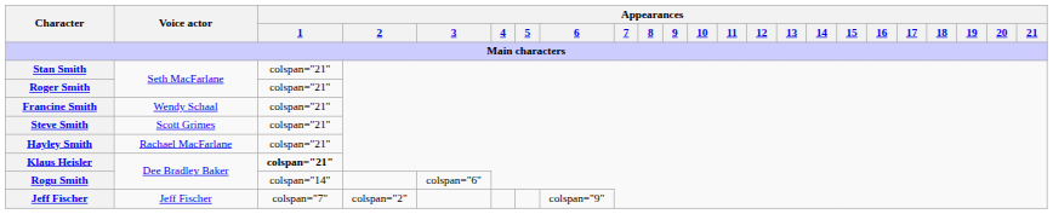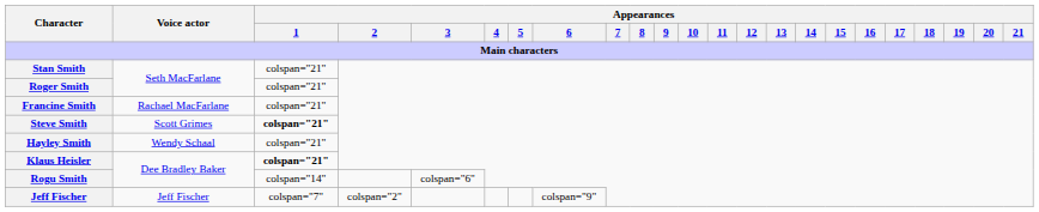 <table class="wikitable sortable" style="text-align:center; font-size:85%; width:100%;">
 <tr>
 <th scope="col" rowspan="2" style="width:4%;">Character</th>
 <th scope="col" rowspan="2" style="width:6%;">Voice actor</th>
 <th scope="col" colspan="21">Appearances</th>
 </tr>
 <tr>
 <th scope="col" style="width:1%;"><a href='#'>1</a></th>
 <th scope="col" style="width:1%;"><a href='#'>2</a></th>
 <th scope="col" style="width:1%;"><a href='#'>3</a></th>
 <th scope="col" style="width:1%;"><a href='#'>4</a></th>
 <th scope="col" style="width:1%;"><a href='#'>5</a></th>
 <th scope="col" style="width:1%;"><a href='#'>6</a></th>
 <th scope="col" style="width:1%;"><a href='#'>7</a></th>
 <th scope="col" style="width:1%;"><a href='#'>8</a></th>
 <th scope="col" style="width:1%;"><a href='#'>9</a></th>
 <th scope="col" style="width:1%;"><a href='#'>10</a></th>
 <th scope="col" style="width:1%;"><a href='#'>11</a></th>
 <th scope="col" style="width:1%;"><a href='#'>12</a></th>
 <th scope="col" style="width:1%;"><a href='#'>13</a></th>
 <th scope="col" style="width:1%;"><a href='#'>14</a></th>
 <th scope="col" style="width:1%;"><a href='#'>15</a></th>
 <th scope="col" style="width:1%;"><a href='#'>16</a></th>
 <th scope="col" style="width:1%;"><a href='#'>17</a></th>
 <th scope="col" style="width:1%;"><a href='#'>18</a></th>
 <th scope="col" style="width:1%;"><a href='#'>19</a></th>
 <th scope="col" style="width:1%;"><a href='#'>20</a></th>
 <th scope="col" style="width:1%;"><a href='#'>21</a></th>
 </tr>
 <tr>
 <th colspan="23" style="background:#ccf;">Main characters</th>
 </tr>
 <tr>
 <th><a href='#'>Stan Smith</a></th>
 <td rowspan="2"><a href='#'>Seth MacFarlane</a></td>
 <td>colspan="21" </td>
 </tr>
 <tr>
 <th><a href='#'>Roger Smith</a></th>
 <td>colspan="21" </td>
 </tr>
 <tr>
 <th><a href='#'>Francine Smith</a></th>
-<td><a href='#'>Wendy Schaal</a></td>
+<td><a href='#'>Rachael MacFarlane</a></td>
 <td>colspan="21" </td>
 </tr>
 <tr>
 <th><a href='#'>Steve Smith</a></th>
 <td><a href='#'>Scott Grimes</a></td>
-<td>colspan="21" </td>
+<td><strong>colspan="21" </strong></td>
 </tr>
 <tr>
 <th><a href='#'>Hayley Smith</a></th>
-<td><a href='#'>Rachael MacFarlane</a></td>
+<td><a href='#'>Wendy Schaal</a></td>
 <td>colspan="21" </td>
 </tr>
 <tr>
 <th><a href='#'>Klaus Heisler</a></th>
 <td rowspan="2"><a href='#'>Dee Bradley Baker</a></td>
 <td><strong>colspan="21" </strong></td>
 </tr>
 <tr>
 <th><a href='#'>Rogu Smith</a></th>
 <td>colspan="14" </td>
 <td></td>
 <td>colspan="6" </td>
 </tr>
 <tr>
 <th><a href='#'>Jeff Fischer</a></th>
 <td><a href='#'>Jeff Fischer</a></td>
 <td>colspan="7" </td>
 <td>colspan="2" </td>
 <td></td>
 <td></td>
 <td></td>
 <td>colspan="9" </td>
 </tr>
 </table>
